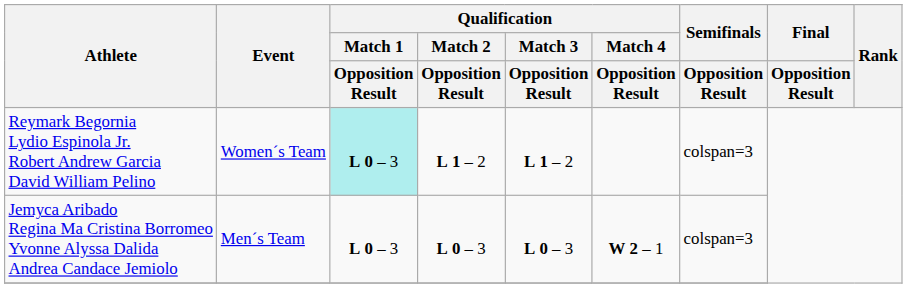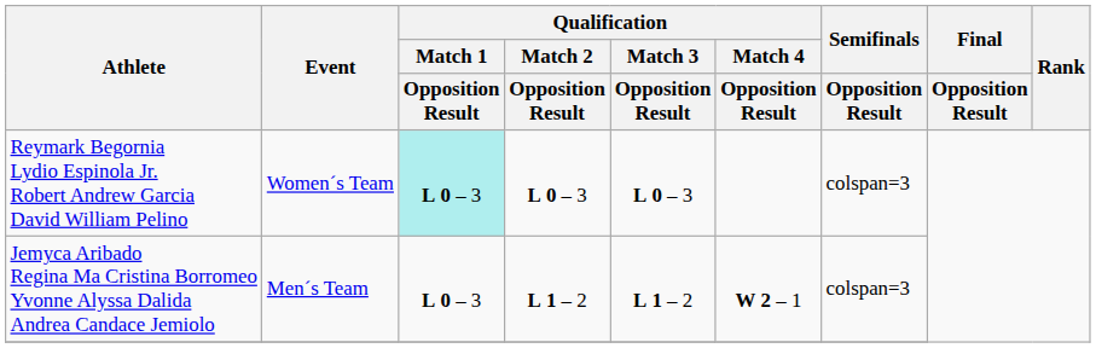 <table class="wikitable" border="1" style="font-size:90%">
 <tr>
 <th rowspan=3>Athlete</th>
 <th rowspan=3>Event</th>
 <th colspan=4>Qualification</th>
 <th rowspan=2>Semifinals</th>
 <th rowspan=2>Final</th>
 <th rowspan=3>Rank</th>
 </tr>
 <tr>
 <th>Match 1</th>
 <th>Match 2</th>
 <th>Match 3</th>
 <th>Match 4</th>
 </tr>
 <tr>
 <th>Opposition<br>Result</th>
 <th>Opposition<br>Result</th>
 <th>Opposition<br>Result</th>
 <th>Opposition<br>Result</th>
 <th>Opposition<br>Result</th>
 <th>Opposition<br>Result</th>
 </tr>
 <tr>
 <td><a href='#'>Reymark Begornia</a><br><a href='#'>Lydio Espinola Jr.</a><br><a href='#'>Robert Andrew Garcia</a><br><a href='#'>David William Pelino</a></td>
 <td><a href='#'>Women´s Team</a></td>
 <td align=center style="background: paleturquoise;"> <br> <strong>L</strong> <strong>0</strong> – 3</td>
-<td align=center> <br> <strong>L</strong> <strong>1</strong> – 2</td>
-<td align=center> <br> <strong>L</strong> <strong>1</strong> – 2</td>
+<td align=center> <br> <strong>L</strong> <strong>0</strong> – 3</td>
+<td align=center> <br> <strong>L</strong> <strong>0</strong> – 3</td>
 <td></td>
 <td>colspan=3 </td>
 </tr>
 <tr>
 <td><a href='#'>Jemyca Aribado</a><br><a href='#'>Regina Ma Cristina Borromeo</a><br><a href='#'>Yvonne Alyssa Dalida</a><br><a href='#'>Andrea Candace Jemiolo</a></td>
 <td><a href='#'>Men´s Team</a></td>
 <td align=center> <br> <strong>L</strong> <strong>0</strong> – 3</td>
-<td align=center> <br> <strong>L</strong> <strong>0</strong> – 3</td>
-<td align=center> <br> <strong>L</strong> <strong>0</strong> – 3</td>
+<td align=center> <br> <strong>L</strong> <strong>1</strong> – 2</td>
+<td align=center> <br> <strong>L</strong> <strong>1</strong> – 2</td>
 <td align=center> <br> <strong>W</strong> <strong>2</strong> – 1</td>
 <td>colspan=3 </td>
 </tr>
 <tr>
 </tr>
 </table>
